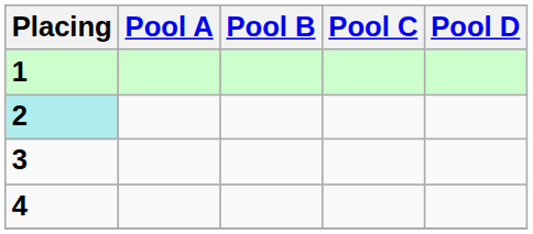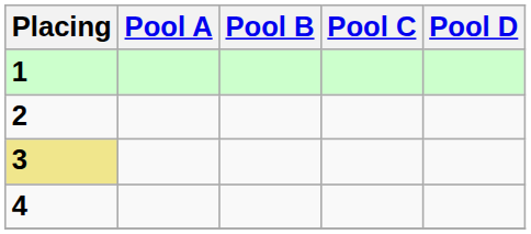 <table class=wikitable style="border:1px solid #AAAAAA;">
 <tr>
 <th>Placing</th>
 <th><a href='#'>Pool A</a></th>
 <th><a href='#'>Pool B</a></th>
 <th><a href='#'>Pool C</a></th>
 <th><a href='#'>Pool D</a></th>
 </tr>
 <tr style="background: #ccffcc;">
 <td><strong>1</strong></td>
 <td></td>
 <td></td>
 <td></td>
 <td></td>
 </tr>
 <tr>
-<td style="background: paleturquoise;"><strong>2</strong></td>
+<td><strong>2</strong></td>
 <td></td>
 <td></td>
 <td></td>
 <td></td>
 </tr>
 <tr>
-<td><strong>3</strong></td>
+<td style="background: khaki;"><strong>3</strong></td>
 <td></td>
 <td></td>
 <td></td>
 <td></td>
 </tr>
 <tr>
 <td><strong>4</strong></td>
 <td> </td>
 <td></td>
 <td></td>
 <td> </td>
 </tr>
 <tr>
 </tr>
 </table>
